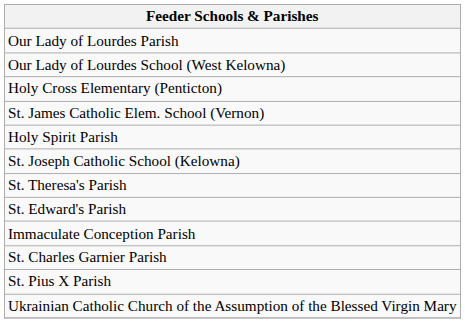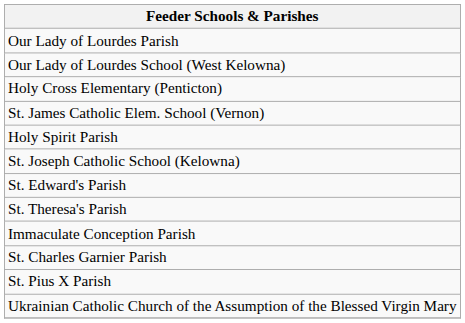 <table class="wikitable">
 <tr>
 <th>Feeder Schools & Parishes</th>
 </tr>
 <tr>
 <td>Our Lady of Lourdes Parish</td>
 </tr>
 <tr>
 <td>Our Lady of Lourdes School (West Kelowna)</td>
 </tr>
 <tr>
 <td>Holy Cross Elementary (Penticton)</td>
 </tr>
 <tr>
 <td>St. James Catholic Elem. School (Vernon)</td>
 </tr>
 <tr>
 <td>Holy Spirit Parish</td>
 </tr>
 <tr>
 <td>St. Joseph Catholic School (Kelowna)</td>
 </tr>
 <tr>
-<td>St. Theresa's Parish</td>
+<td>St. Edward's Parish</td>
 </tr>
 <tr>
-<td>St. Edward's Parish</td>
+<td>St. Theresa's Parish</td>
 </tr>
 <tr>
 <td>Immaculate Conception Parish</td>
 </tr>
 <tr>
 <td>St. Charles Garnier Parish</td>
 </tr>
 <tr>
 <td>St. Pius X Parish</td>
 </tr>
 <tr>
 <td>Ukrainian Catholic Church of the Assumption of the Blessed Virgin Mary</td>
 </tr>
 <tr>
 </tr>
 </table>
